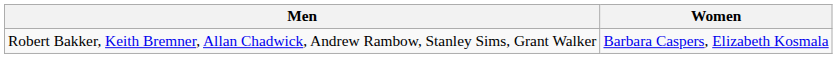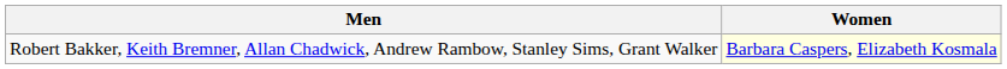 <table class="wikitable">
 <tr>
 <th>Men</th>
 <th>Women</th>
 </tr>
 <tr>
 <td>Robert Bakker,  <a href='#'>Keith Bremner</a>, <a href='#'>Allan Chadwick</a>,  Andrew Rambow,  Stanley Sims,  Grant Walker</td>
-<td><a href='#'>Barbara Caspers</a>,  <a href='#'>Elizabeth Kosmala</a></td>
+<td style="background: lightyellow;"><a href='#'>Barbara Caspers</a>,  <a href='#'>Elizabeth Kosmala</a></td>
 </tr>
 </table>
